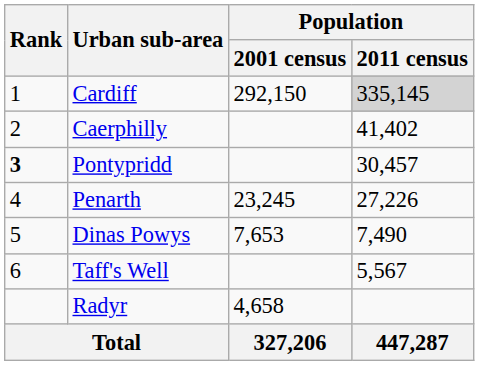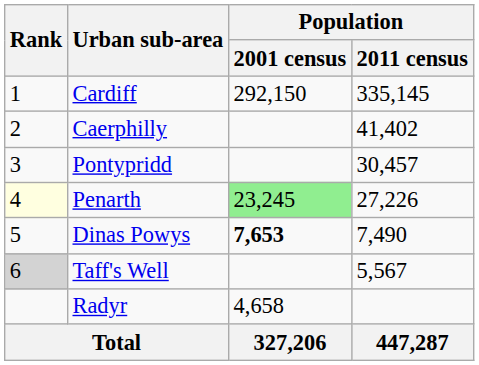 <table class="wikitable">
 <tr>
 <th rowspan=2>Rank</th>
 <th rowspan=2>Urban sub-area</th>
 <th colspan=2>Population</th>
 </tr>
 <tr>
 <th>2001 census</th>
 <th>2011 census</th>
 </tr>
 <tr>
 <td>1</td>
 <td><a href='#'>Cardiff</a></td>
 <td>292,150</td>
-<td style="background: lightgrey;">335,145</td>
+<td>335,145</td>
 </tr>
 <tr>
 <td>2</td>
 <td><a href='#'>Caerphilly</a></td>
 <td></td>
 <td>41,402</td>
 </tr>
 <tr>
-<td><strong>3</strong></td>
+<td>3</td>
 <td><a href='#'>Pontypridd</a></td>
 <td></td>
 <td>30,457</td>
 </tr>
 <tr>
-<td>4</td>
+<td style="background: lightyellow;">4</td>
 <td><a href='#'>Penarth</a></td>
-<td>23,245</td>
+<td style="background: lightgreen;">23,245</td>
 <td>27,226</td>
 </tr>
 <tr>
 <td>5</td>
 <td><a href='#'>Dinas Powys</a></td>
-<td>7,653</td>
+<td><strong>7,653</strong></td>
 <td>7,490</td>
 </tr>
 <tr>
-<td>6</td>
+<td style="background: lightgrey;">6</td>
 <td><a href='#'>Taff's Well</a></td>
 <td></td>
 <td>5,567</td>
 </tr>
 <tr>
 <td></td>
 <td><a href='#'>Radyr</a></td>
 <td>4,658</td>
 <td></td>
 </tr>
 <tr>
 <th colspan=2>Total</th>
 <th>327,206</th>
 <th>447,287</th>
 </tr>
 </table>
